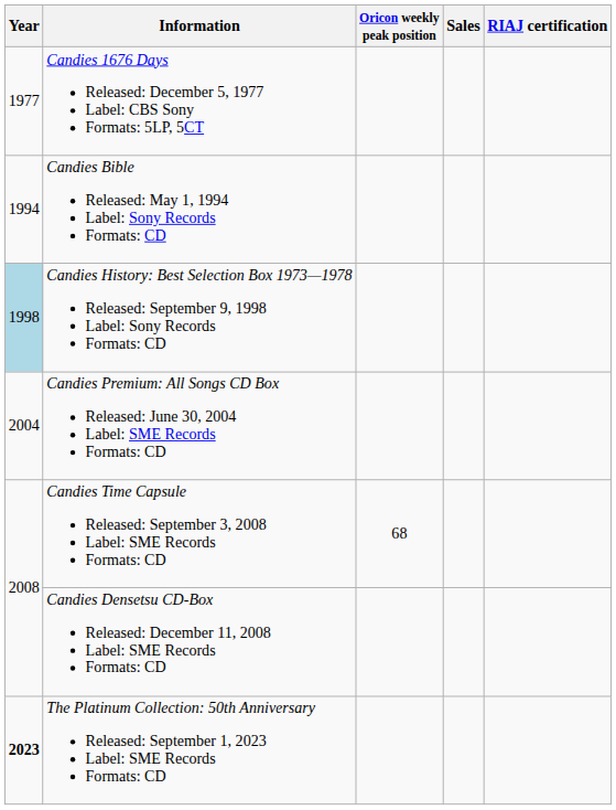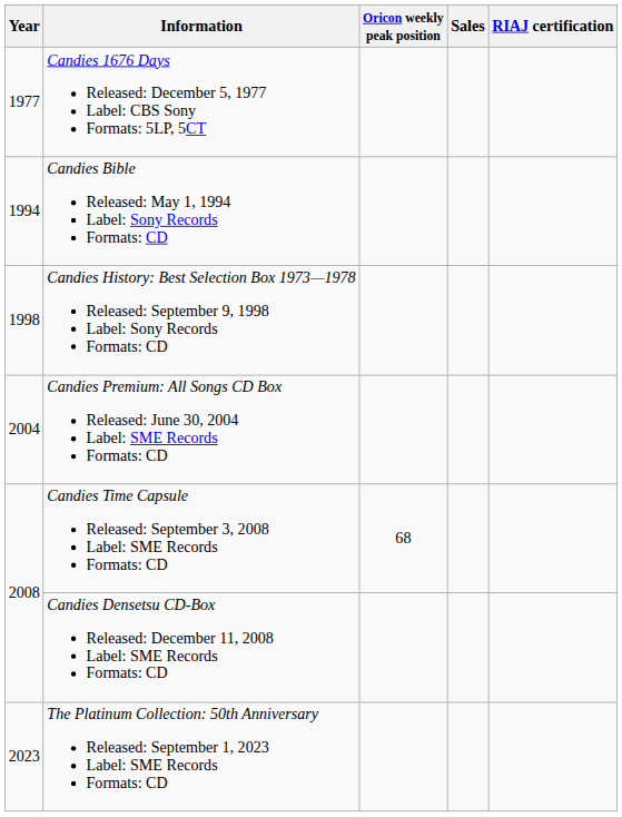 <table class="wikitable">
 <tr>
 <th>Year</th>
 <th>Information</th>
 <th><small><a href='#'>Oricon</a> weekly<br>peak position</small></th>
 <th>Sales<br></th>
 <th><a href='#'>RIAJ</a> certification</th>
 </tr>
 <tr>
 <td>1977</td>
 <td><em><a href='#'>Candies 1676 Days</a></em><br><ul><li>Released: December 5, 1977</li><li>Label: CBS Sony</li><li>Formats: 5LP, 5<a href='#'>CT</a></li></ul></td>
 <td style="text-align:center;"></td>
 <td align="left"></td>
 <td align="left"></td>
 </tr>
 <tr>
 <td>1994</td>
 <td><em>Candies Bible</em><br><ul><li>Released: May 1, 1994</li><li>Label: <a href='#'>Sony Records</a></li><li>Formats: <a href='#'>CD</a></li></ul></td>
 <td style="text-align:center;"></td>
 <td align="left"></td>
 <td align="left"></td>
 </tr>
 <tr>
-<td style="background: lightblue;">1998</td>
+<td>1998</td>
 <td><em>Candies History: Best Selection Box 1973—1978</em><br><ul><li>Released: September 9, 1998</li><li>Label: Sony Records</li><li>Formats: CD</li></ul></td>
 <td style="text-align:center;"></td>
 <td align="left"></td>
 <td align="left"></td>
 </tr>
 <tr>
 <td>2004</td>
 <td><em>Candies Premium: All Songs CD Box</em><br><ul><li>Released: June 30, 2004</li><li>Label: <a href='#'>SME Records</a></li><li>Formats: CD</li></ul></td>
 <td style="text-align:center;"></td>
 <td align="left"></td>
 <td align="left"></td>
 </tr>
 <tr>
 <td rowspan="2">2008</td>
 <td><em>Candies Time Capsule</em><br><ul><li>Released: September 3, 2008</li><li>Label: SME Records</li><li>Formats: CD</li></ul></td>
 <td style="text-align:center;">68</td>
 <td align="left"></td>
 <td align="left"></td>
 </tr>
 <tr>
 <td><em>Candies Densetsu CD-Box</em><br><ul><li>Released: December 11, 2008</li><li>Label: SME Records</li><li>Formats: CD</li></ul></td>
 <td style="text-align:center;"></td>
 <td align="left"></td>
 <td align="left"></td>
 </tr>
 <tr>
-<td><strong>2023</strong></td>
+<td>2023</td>
 <td><em>The Platinum Collection: 50th Anniversary</em><br><ul><li>Released: September 1, 2023</li><li>Label: SME Records</li><li>Formats: CD</li></ul></td>
 <td style="text-align:center;"></td>
 <td align="left"></td>
 <td align="left"></td>
 </tr>
 </table>
